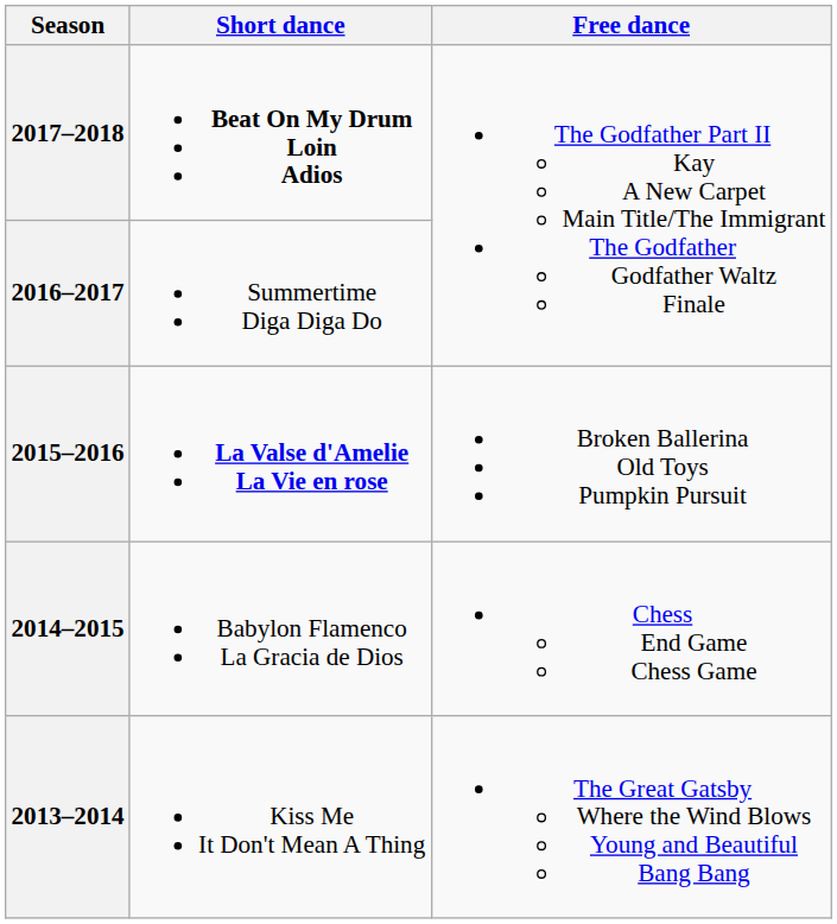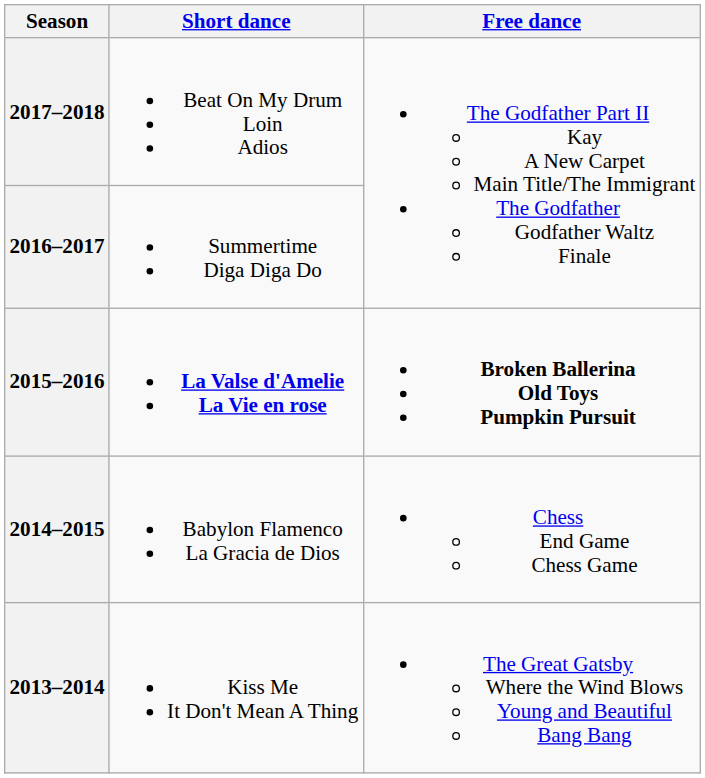 <table class=wikitable style=text-align:center>
 <tr>
 <th>Season</th>
 <th><a href='#'>Short dance</a></th>
 <th><a href='#'>Free dance</a></th>
 </tr>
 <tr>
 <th>2017–2018 <br></th>
-<td><strong><br><ul><li> Beat On My Drum <br></li><li> Loin <br></li><li> Adios <br></li></ul></strong></td>
+<td><br><ul><li> Beat On My Drum <br></li><li> Loin <br></li><li> Adios <br></li></ul></td>
 <td rowspan=2><br><ul><li><a href='#'>The Godfather Part II</a> <br><ul><li>Kay</li><li>A New Carpet</li><li>Main Title/The Immigrant</li></ul></li><li><a href='#'>The Godfather</a> <br><ul><li>Godfather Waltz</li><li>Finale</li></ul></li></ul></td>
 </tr>
 <tr>
 <th>2016–2017 <br></th>
 <td><br><ul><li> Summertime <br></li><li> Diga Diga Do <br></li></ul></td>
 </tr>
 <tr>
 <th>2015–2016 <br> </th>
 <td><strong><br><ul><li> <a href='#'>La Valse d'Amelie</a> <br></li><li> <a href='#'>La Vie en rose</a> <br></li></ul></strong></td>
-<td><br><ul><li>Broken Ballerina <br></li><li>Old Toys <br></li><li>Pumpkin Pursuit <br></li></ul></td>
+<td><strong><br><ul><li>Broken Ballerina <br></li><li>Old Toys <br></li><li>Pumpkin Pursuit <br></li></ul></strong></td>
 </tr>
 <tr>
 <th>2014–2015 <br> </th>
 <td><br><ul><li> Babylon Flamenco</li><li> La Gracia de Dios</li></ul></td>
 <td><br><ul><li><a href='#'>Chess</a> <br><ul><li>End Game</li><li>Chess Game</li></ul></li></ul></td>
 </tr>
 <tr>
 <th>2013–2014 <br> </th>
 <td><br><ul><li> Kiss Me <br></li><li> It Don't Mean A Thing <br></li></ul></td>
 <td><br><ul><li><a href='#'>The Great Gatsby</a><ul><li>Where the Wind Blows <br></li><li><a href='#'>Young and Beautiful</a> <br></li><li><a href='#'>Bang Bang</a> <br></li></ul></li></ul></td>
 </tr>
 </table>
